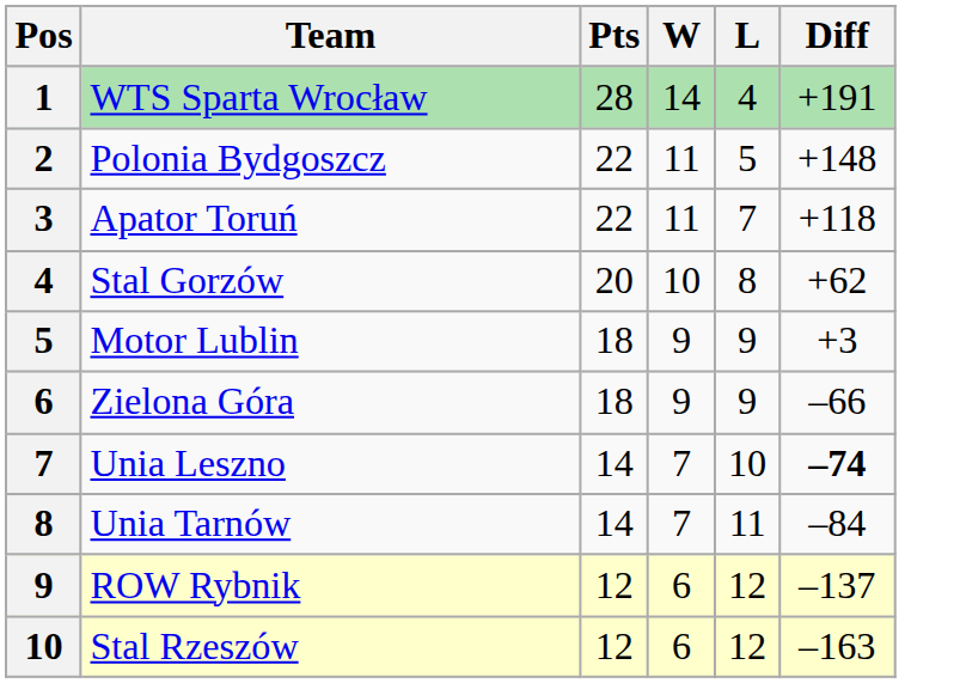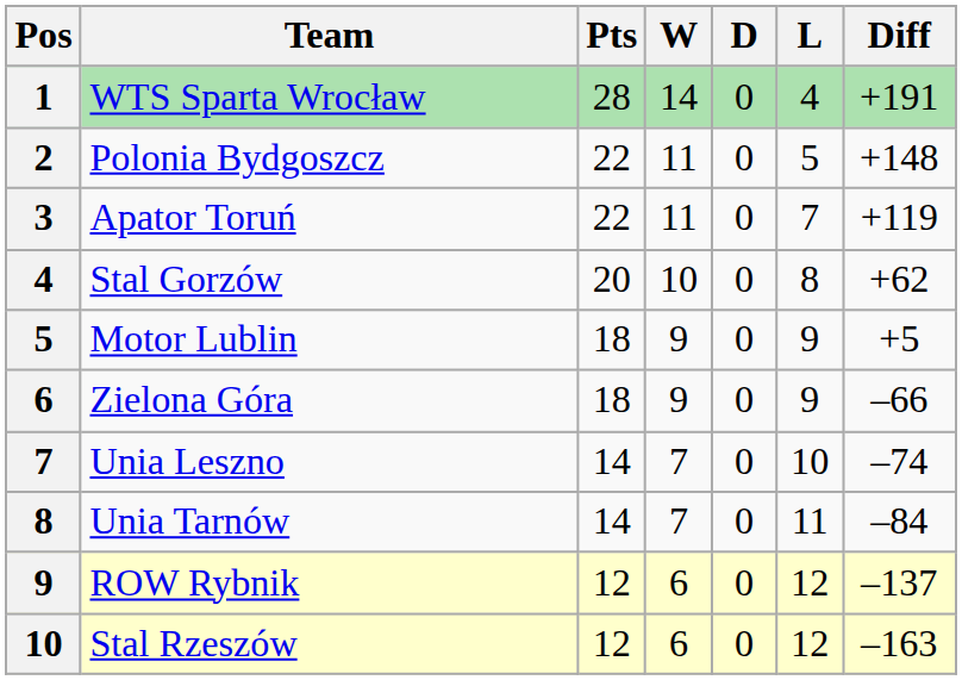 <table class="wikitable" style="font-size: 100%">
 <tr>
 <th width=20>Pos</th>
 <th width=200>Team</th>
 <th width=20>Pts</th>
 <th width=20>W</th>
+<th width=20>D</th>
 <th width=20>L</th>
 <th width=40>Diff</th>
 </tr>
 <tr align=center style="background:#ACE1AF;">
 <th>1</th>
 <td align=left><a href='#'>WTS Sparta Wrocław</a></td>
 <td>28</td>
 <td>14</td>
+<td>0</td>
 <td>4</td>
 <td>+191</td>
 </tr>
 <tr align=center>
 <th>2</th>
 <td align=left><a href='#'>Polonia Bydgoszcz</a></td>
 <td>22</td>
 <td>11</td>
+<td>0</td>
 <td>5</td>
 <td>+148</td>
 </tr>
 <tr align=center>
 <th>3</th>
 <td align=left><a href='#'>Apator Toruń</a></td>
 <td>22</td>
 <td>11</td>
+<td>0</td>
 <td>7</td>
-<td>+118</td>
+<td>+119</td>
 </tr>
 <tr align=center>
 <th>4</th>
 <td align=left><a href='#'>Stal Gorzów</a></td>
 <td>20</td>
 <td>10</td>
+<td>0</td>
 <td>8</td>
 <td>+62</td>
 </tr>
 <tr align=center>
 <th>5</th>
 <td align=left><a href='#'>Motor Lublin</a></td>
 <td>18</td>
 <td>9</td>
+<td>0</td>
 <td>9</td>
-<td>+3</td>
+<td>+5</td>
 </tr>
 <tr align=center>
 <th>6</th>
 <td align=left><a href='#'>Zielona Góra</a></td>
 <td>18</td>
 <td>9</td>
+<td>0</td>
 <td>9</td>
 <td>–66</td>
 </tr>
 <tr align=center>
 <th>7</th>
 <td align=left><a href='#'>Unia Leszno</a></td>
 <td>14</td>
 <td>7</td>
+<td>0</td>
 <td>10</td>
-<td><strong>–74</strong></td>
+<td>–74</td>
 </tr>
 <tr align=center>
 <th>8</th>
 <td align=left><a href='#'>Unia Tarnów</a></td>
 <td>14</td>
 <td>7</td>
+<td>0</td>
 <td>11</td>
 <td>–84</td>
 </tr>
 <tr align=center style="background: #ffffcc;">
 <th>9</th>
 <td align=left><a href='#'>ROW Rybnik</a></td>
 <td>12</td>
 <td>6</td>
+<td>0</td>
 <td>12</td>
 <td>–137</td>
 </tr>
 <tr align=center style="background: #ffffcc;">
 <th>10</th>
 <td align=left><a href='#'>Stal Rzeszów</a></td>
 <td>12</td>
 <td>6</td>
+<td>0</td>
 <td>12</td>
 <td>–163</td>
 </tr>
 </table>
